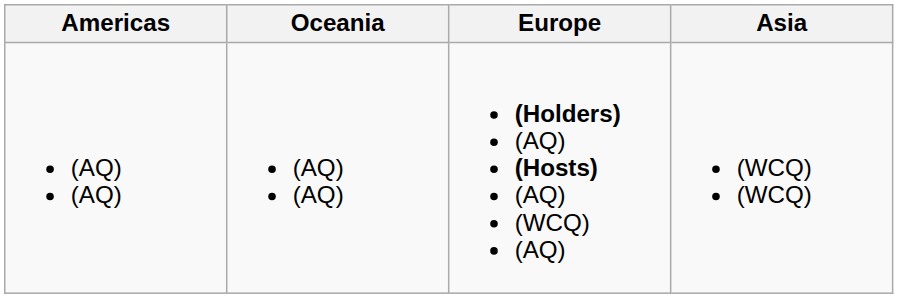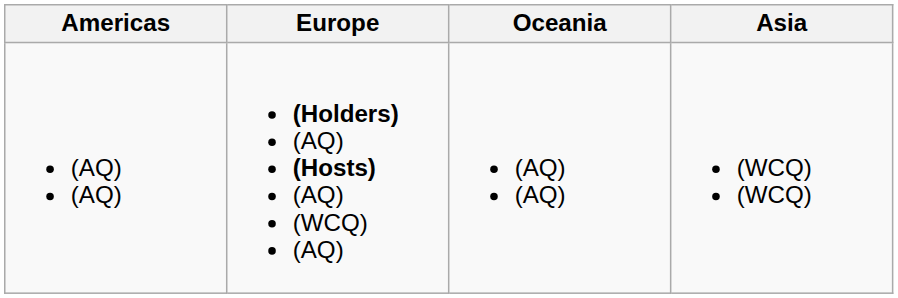 <table class="wikitable">
 <tr>
 <th width=20%>Americas</th>
+<th width=20%>Europe</th>
 <th width=20%>Oceania</th>
-<th width=20%>Europe</th>
 <th width=20%>Asia</th>
 </tr>
 <tr>
 <td><br><ul><li> (AQ)</li><li> (AQ)</li></ul></td>
+<td><br><ul><li> <strong>(Holders)</strong></li><li> (AQ)</li><li> <strong>(Hosts)</strong></li><li> (AQ)</li><li> (WCQ)</li><li> (AQ)</li></ul></td>
 <td><br><ul><li> (AQ)</li><li> (AQ)</li></ul></td>
-<td><br><ul><li> <strong>(Holders)</strong></li><li> (AQ)</li><li> <strong>(Hosts)</strong></li><li> (AQ)</li><li> (WCQ)</li><li> (AQ)</li></ul></td>
 <td><br><ul><li> (WCQ)</li><li> (WCQ)</li></ul></td>
 </tr>
 </table>
